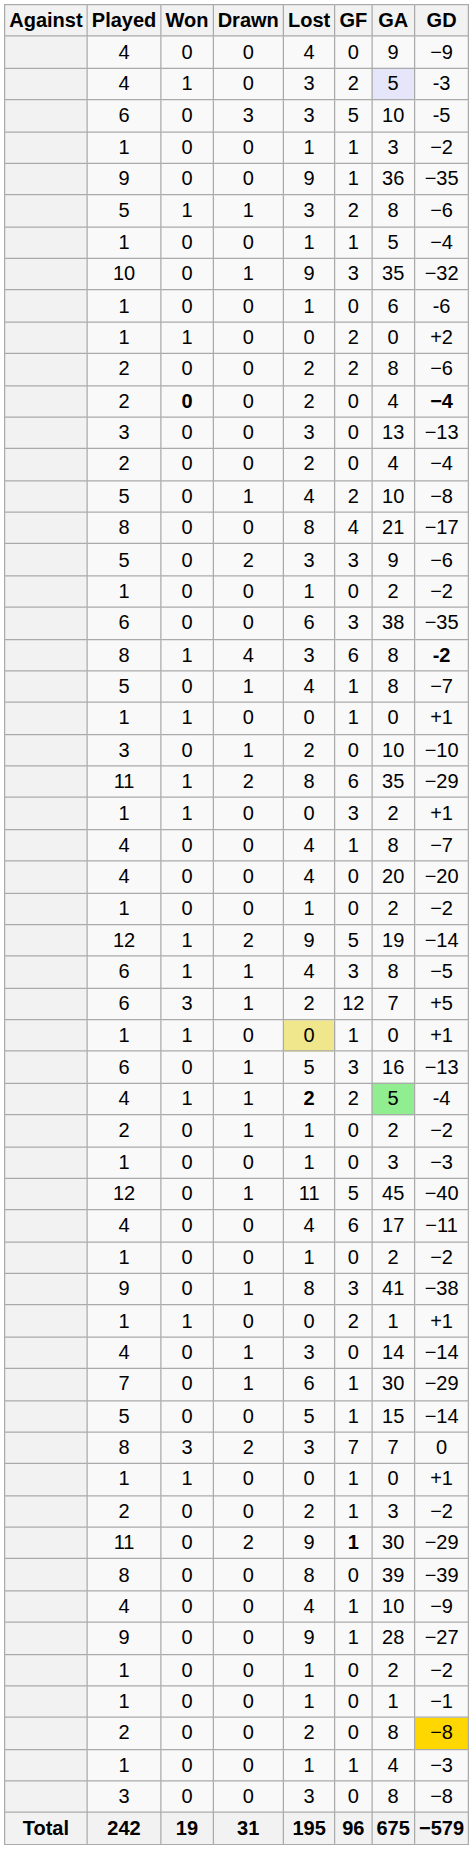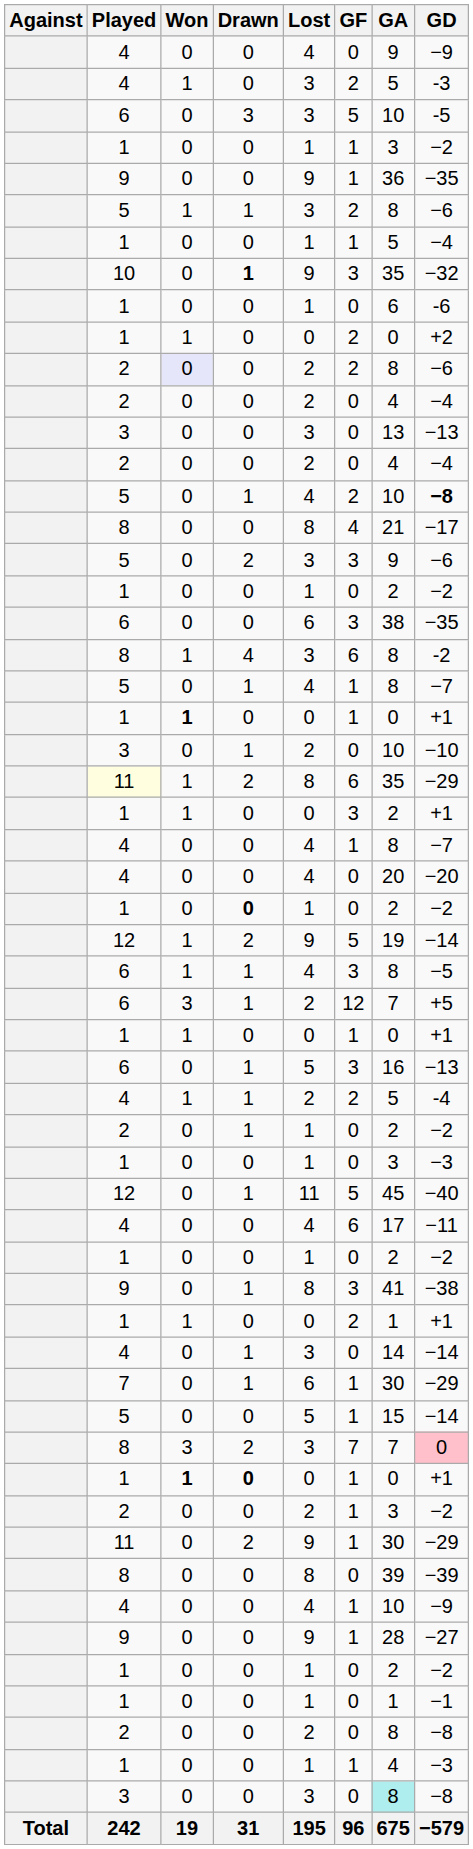 <table class="wikitable collapsible collapsed sortable plainrowheaders" style="text-align:center;">
 <tr>
 <th>Against</th>
 <th>Played</th>
 <th>Won</th>
 <th>Drawn</th>
 <th>Lost</th>
 <th>GF</th>
 <th>GA</th>
 <th>GD</th>
 </tr>
 <tr>
 <th scope=row></th>
 <td>4</td>
 <td>0</td>
 <td>0</td>
 <td>4</td>
 <td>0</td>
 <td>9</td>
 <td>−9</td>
 </tr>
 <tr>
 <th scope=row></th>
 <td>4</td>
 <td>1</td>
 <td>0</td>
 <td>3</td>
 <td>2</td>
-<td style="background: lavender;">5</td>
+<td>5</td>
 <td>-3</td>
 </tr>
 <tr>
 <th scope=row></th>
 <td>6</td>
 <td>0</td>
 <td>3</td>
 <td>3</td>
 <td>5</td>
 <td>10</td>
 <td>-5</td>
 </tr>
 <tr>
 <th scope=row></th>
 <td>1</td>
 <td>0</td>
 <td>0</td>
 <td>1</td>
 <td>1</td>
 <td>3</td>
 <td>−2</td>
 </tr>
 <tr>
 <th scope=row></th>
 <td>9</td>
 <td>0</td>
 <td>0</td>
 <td>9</td>
 <td>1</td>
 <td>36</td>
 <td>−35</td>
 </tr>
 <tr>
 <th scope=row></th>
 <td>5</td>
 <td>1</td>
 <td>1</td>
 <td>3</td>
 <td>2</td>
 <td>8</td>
 <td>−6</td>
 </tr>
 <tr>
 <th scope=row></th>
 <td>1</td>
 <td>0</td>
 <td>0</td>
 <td>1</td>
 <td>1</td>
 <td>5</td>
 <td>−4</td>
 </tr>
 <tr>
 <th scope=row></th>
 <td>10</td>
 <td>0</td>
-<td>1</td>
+<td><strong>1</strong></td>
 <td>9</td>
 <td>3</td>
 <td>35</td>
 <td>−32</td>
 </tr>
 <tr>
 <th scope=row></th>
 <td>1</td>
 <td>0</td>
 <td>0</td>
 <td>1</td>
 <td>0</td>
 <td>6</td>
 <td>-6</td>
 </tr>
 <tr>
 <th scope=row></th>
 <td>1</td>
 <td>1</td>
 <td>0</td>
 <td>0</td>
 <td>2</td>
 <td>0</td>
 <td>+2</td>
 </tr>
 <tr>
 <th scope=row></th>
 <td>2</td>
-<td>0</td>
+<td style="background: lavender;">0</td>
 <td>0</td>
 <td>2</td>
 <td>2</td>
 <td>8</td>
 <td>−6</td>
 </tr>
 <tr>
 <th scope=row></th>
 <td>2</td>
-<td><strong>0</strong></td>
+<td>0</td>
 <td>0</td>
 <td>2</td>
 <td>0</td>
 <td>4</td>
-<td><strong>−4</strong></td>
+<td>−4</td>
 </tr>
 <tr>
 <th scope=row></th>
 <td>3</td>
 <td>0</td>
 <td>0</td>
 <td>3</td>
 <td>0</td>
 <td>13</td>
 <td>−13</td>
 </tr>
 <tr>
 <th scope=row></th>
 <td>2</td>
 <td>0</td>
 <td>0</td>
 <td>2</td>
 <td>0</td>
 <td>4</td>
 <td>−4</td>
 </tr>
 <tr>
 <th scope=row></th>
 <td>5</td>
 <td>0</td>
 <td>1</td>
 <td>4</td>
 <td>2</td>
 <td>10</td>
-<td>−8</td>
+<td><strong>−8</strong></td>
 </tr>
 <tr>
 <th scope=row></th>
 <td>8</td>
 <td>0</td>
 <td>0</td>
 <td>8</td>
 <td>4</td>
 <td>21</td>
 <td>−17</td>
 </tr>
 <tr>
 <th scope=row></th>
 <td>5</td>
 <td>0</td>
 <td>2</td>
 <td>3</td>
 <td>3</td>
 <td>9</td>
 <td>−6</td>
 </tr>
 <tr>
 <th scope=row></th>
 <td>1</td>
 <td>0</td>
 <td>0</td>
 <td>1</td>
 <td>0</td>
 <td>2</td>
 <td>−2</td>
 </tr>
 <tr>
 <th scope=row></th>
 <td>6</td>
 <td>0</td>
 <td>0</td>
 <td>6</td>
 <td>3</td>
 <td>38</td>
 <td>−35</td>
 </tr>
 <tr>
 <th scope=row></th>
 <td>8</td>
 <td>1</td>
 <td>4</td>
 <td>3</td>
 <td>6</td>
 <td>8</td>
-<td><strong>-2</strong></td>
+<td>-2</td>
 </tr>
 <tr>
 <th scope=row></th>
 <td>5</td>
 <td>0</td>
 <td>1</td>
 <td>4</td>
 <td>1</td>
 <td>8</td>
 <td>−7</td>
 </tr>
 <tr>
 <th scope=row></th>
 <td>1</td>
-<td>1</td>
+<td><strong>1</strong></td>
 <td>0</td>
 <td>0</td>
 <td>1</td>
 <td>0</td>
 <td>+1</td>
 </tr>
 <tr>
 <th scope=row></th>
 <td>3</td>
 <td>0</td>
 <td>1</td>
 <td>2</td>
 <td>0</td>
 <td>10</td>
 <td>−10</td>
 </tr>
 <tr>
 <th scope=row></th>
-<td>11</td>
+<td style="background: lightyellow;">11</td>
 <td>1</td>
 <td>2</td>
 <td>8</td>
 <td>6</td>
 <td>35</td>
 <td>−29</td>
 </tr>
 <tr>
 <th scope=row></th>
 <td>1</td>
 <td>1</td>
 <td>0</td>
 <td>0</td>
 <td>3</td>
 <td>2</td>
 <td>+1</td>
 </tr>
 <tr>
 <th scope=row></th>
 <td>4</td>
 <td>0</td>
 <td>0</td>
 <td>4</td>
 <td>1</td>
 <td>8</td>
 <td>−7</td>
 </tr>
 <tr>
 <th scope=row></th>
 <td>4</td>
 <td>0</td>
 <td>0</td>
 <td>4</td>
 <td>0</td>
 <td>20</td>
 <td>−20</td>
 </tr>
 <tr>
 <th scope=row></th>
 <td>1</td>
 <td>0</td>
-<td>0</td>
+<td><strong>0</strong></td>
 <td>1</td>
 <td>0</td>
 <td>2</td>
 <td>−2</td>
 </tr>
 <tr>
 <th scope=row></th>
 <td>12</td>
 <td>1</td>
 <td>2</td>
 <td>9</td>
 <td>5</td>
 <td>19</td>
 <td>−14</td>
 </tr>
 <tr>
 <th scope=row></th>
 <td>6</td>
 <td>1</td>
 <td>1</td>
 <td>4</td>
 <td>3</td>
 <td>8</td>
 <td>−5</td>
 </tr>
 <tr>
 <th scope=row></th>
 <td>6</td>
 <td>3</td>
 <td>1</td>
 <td>2</td>
 <td>12</td>
 <td>7</td>
 <td>+5</td>
 </tr>
 <tr>
 <th scope=row></th>
 <td>1</td>
 <td>1</td>
 <td>0</td>
-<td style="background: khaki;">0</td>
+<td>0</td>
 <td>1</td>
 <td>0</td>
 <td>+1</td>
 </tr>
 <tr>
 <th scope=row></th>
 <td>6</td>
 <td>0</td>
 <td>1</td>
 <td>5</td>
 <td>3</td>
 <td>16</td>
 <td>−13</td>
 </tr>
 <tr>
 <th scope=row></th>
 <td>4</td>
 <td>1</td>
 <td>1</td>
-<td><strong>2</strong></td>
 <td>2</td>
-<td style="background: lightgreen;">5</td>
+<td>2</td>
+<td>5</td>
 <td>-4</td>
 </tr>
 <tr>
 <th scope=row></th>
 <td>2</td>
 <td>0</td>
 <td>1</td>
 <td>1</td>
 <td>0</td>
 <td>2</td>
 <td>−2</td>
 </tr>
 <tr>
 <th scope=row></th>
 <td>1</td>
 <td>0</td>
 <td>0</td>
 <td>1</td>
 <td>0</td>
 <td>3</td>
 <td>−3</td>
 </tr>
 <tr>
 <th scope=row></th>
 <td>12</td>
 <td>0</td>
 <td>1</td>
 <td>11</td>
 <td>5</td>
 <td>45</td>
 <td>−40</td>
 </tr>
 <tr>
 <th scope=row></th>
 <td>4</td>
 <td>0</td>
 <td>0</td>
 <td>4</td>
 <td>6</td>
 <td>17</td>
 <td>−11</td>
 </tr>
 <tr>
 <th scope=row></th>
 <td>1</td>
 <td>0</td>
 <td>0</td>
 <td>1</td>
 <td>0</td>
 <td>2</td>
 <td>−2</td>
 </tr>
 <tr>
 <th scope=row></th>
 <td>9</td>
 <td>0</td>
 <td>1</td>
 <td>8</td>
 <td>3</td>
 <td>41</td>
 <td>−38</td>
 </tr>
 <tr>
 <th scope=row></th>
 <td>1</td>
 <td>1</td>
 <td>0</td>
 <td>0</td>
 <td>2</td>
 <td>1</td>
 <td>+1</td>
 </tr>
 <tr>
 <th scope=row></th>
 <td>4</td>
 <td>0</td>
 <td>1</td>
 <td>3</td>
 <td>0</td>
 <td>14</td>
 <td>−14</td>
 </tr>
 <tr>
 <th scope=row></th>
 <td>7</td>
 <td>0</td>
 <td>1</td>
 <td>6</td>
 <td>1</td>
 <td>30</td>
 <td>−29</td>
 </tr>
 <tr>
 <th scope=row></th>
 <td>5</td>
 <td>0</td>
 <td>0</td>
 <td>5</td>
 <td>1</td>
 <td>15</td>
 <td>−14</td>
 </tr>
 <tr>
 <th scope=row></th>
 <td>8</td>
 <td>3</td>
 <td>2</td>
 <td>3</td>
 <td>7</td>
 <td>7</td>
-<td>0</td>
+<td style="background: pink;">0</td>
 </tr>
 <tr>
 <th scope=row></th>
 <td>1</td>
-<td>1</td>
-<td>0</td>
+<td><strong>1</strong></td>
+<td><strong>0</strong></td>
 <td>0</td>
 <td>1</td>
 <td>0</td>
 <td>+1</td>
 </tr>
 <tr>
 <th scope=row></th>
 <td>2</td>
 <td>0</td>
 <td>0</td>
 <td>2</td>
 <td>1</td>
 <td>3</td>
 <td>−2</td>
 </tr>
 <tr>
 <th scope=row></th>
 <td>11</td>
 <td>0</td>
 <td>2</td>
 <td>9</td>
-<td><strong>1</strong></td>
+<td>1</td>
 <td>30</td>
 <td>−29</td>
 </tr>
 <tr>
 <th scope=row></th>
 <td>8</td>
 <td>0</td>
 <td>0</td>
 <td>8</td>
 <td>0</td>
 <td>39</td>
 <td>−39</td>
 </tr>
 <tr>
 <th scope=row></th>
 <td>4</td>
 <td>0</td>
 <td>0</td>
 <td>4</td>
 <td>1</td>
 <td>10</td>
 <td>−9</td>
 </tr>
 <tr>
 <th scope=row></th>
 <td>9</td>
 <td>0</td>
 <td>0</td>
 <td>9</td>
 <td>1</td>
 <td>28</td>
 <td>−27</td>
 </tr>
 <tr>
 <th scope=row></th>
 <td>1</td>
 <td>0</td>
 <td>0</td>
 <td>1</td>
 <td>0</td>
 <td>2</td>
 <td>−2</td>
 </tr>
 <tr>
 <th scope=row></th>
 <td>1</td>
 <td>0</td>
 <td>0</td>
 <td>1</td>
 <td>0</td>
 <td>1</td>
 <td>−1</td>
 </tr>
 <tr>
 <th scope=row></th>
 <td>2</td>
 <td>0</td>
 <td>0</td>
 <td>2</td>
 <td>0</td>
 <td>8</td>
-<td style="background: gold;">−8</td>
+<td>−8</td>
 </tr>
 <tr>
 <th scope=row></th>
 <td>1</td>
 <td>0</td>
 <td>0</td>
 <td>1</td>
 <td>1</td>
 <td>4</td>
 <td>−3</td>
 </tr>
 <tr>
 <th scope=row></th>
 <td>3</td>
 <td>0</td>
 <td>0</td>
 <td>3</td>
 <td>0</td>
-<td>8</td>
+<td style="background: paleturquoise;">8</td>
 <td>−8</td>
 </tr>
 <tr class="sortbottom">
 <th>Total</th>
 <th>242</th>
 <th>19</th>
 <th>31</th>
 <th>195</th>
 <th>96</th>
 <th>675</th>
 <th>−579</th>
 </tr>
 </table>
